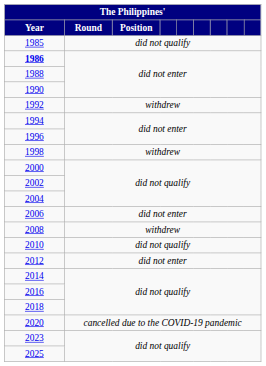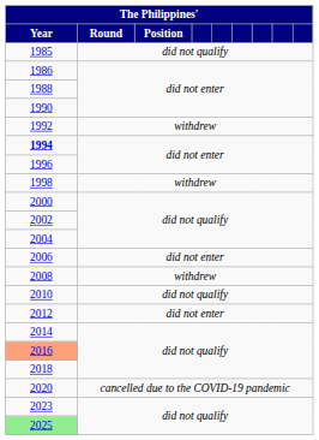 <table class="wikitable" style="text-align: center; font-size:95%;">
 <tr>
 <th colspan="10" style="background:#000080; color: #FFFFFF;">The Philippines' <a href='#'></a></th>
 </tr>
 <tr>
 <th style="background:#000080;color:white;"width=90>Year</th>
 <th style="background:#000080;color:white;"width="70">Round</th>
 <th style="background:#000080;color:white;"width="70">Position</th>
 <th style="background:#000080;color:white;"width="20"></th>
 <th style="background:#000080;color:white;"width="20"></th>
 <th style="background:#000080;color:white;"width="20"></th>
 <th style="background:#000080;color:white;"width="20"></th>
 <th style="background:#000080;color:white;"width="20"></th>
 <th style="background:#000080;color:white;"width="20"></th>
 </tr>
 <tr>
 <td> <a href='#'>1985</a></td>
 <td colspan=9><em>did not qualify</em></td>
 </tr>
 <tr>
-<td><strong> <a href='#'>1986</a></strong></td>
+<td> <a href='#'>1986</a></td>
 <td rowspan=3 colspan=9><em>did not enter</em></td>
 </tr>
 <tr>
 <td> <a href='#'>1988</a></td>
 </tr>
 <tr>
 <td> <a href='#'>1990</a></td>
 </tr>
 <tr>
 <td> <a href='#'>1992</a></td>
 <td colspan=9><em>withdrew</em></td>
 </tr>
 <tr>
-<td> <a href='#'>1994</a></td>
+<td><strong> <a href='#'>1994</a></strong></td>
 <td rowspan=2 colspan=9><em>did not enter</em></td>
 </tr>
 <tr>
 <td> <a href='#'>1996</a></td>
 </tr>
 <tr>
 <td> <a href='#'>1998</a></td>
 <td colspan=9><em>withdrew</em></td>
 </tr>
 <tr>
 <td> <a href='#'>2000</a></td>
 <td rowspan=3 colspan=9><em>did not qualify</em></td>
 </tr>
 <tr>
 <td> <a href='#'>2002</a></td>
 </tr>
 <tr>
 <td> <a href='#'>2004</a></td>
 </tr>
 <tr>
 <td> <a href='#'>2006</a></td>
 <td colspan=9><em>did not enter</em></td>
 </tr>
 <tr>
 <td> <a href='#'>2008</a></td>
 <td colspan=9><em>withdrew</em></td>
 </tr>
 <tr>
 <td> <a href='#'>2010</a></td>
 <td colspan=9><em>did not qualify</em></td>
 </tr>
 <tr>
 <td> <a href='#'>2012</a></td>
 <td colspan=9><em>did not enter</em></td>
 </tr>
 <tr>
 <td> <a href='#'>2014</a></td>
 <td rowspan=3 colspan=9><em>did not qualify</em></td>
 </tr>
 <tr>
-<td> <a href='#'>2016</a></td>
+<td style="background: lightsalmon;"> <a href='#'>2016</a></td>
 </tr>
 <tr>
 <td> <a href='#'>2018</a></td>
 </tr>
 <tr>
 <td> <a href='#'>2020</a></td>
 <td colspan=9><em>cancelled due to the COVID-19 pandemic</em></td>
 </tr>
 <tr>
 <td> <a href='#'>2023</a></td>
 <td rowspan=2 colspan=9><em>did not qualify</em></td>
 </tr>
 <tr>
-<td> <a href='#'>2025</a></td>
+<td style="background: lightgreen;"> <a href='#'>2025</a></td>
 </tr>
 </table>
